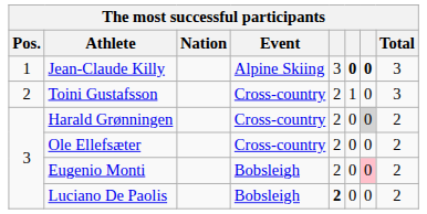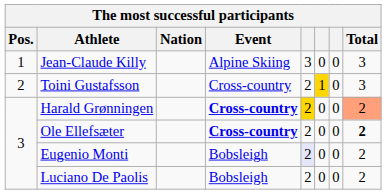 <table class="wikitable" style="margin:1em auto;">
 <tr>
 <th colspan="8">The most successful participants</th>
 </tr>
 <tr style="vertical-align:top;">
 <th>Pos.</th>
 <th>Athlete</th>
 <th>Nation</th>
 <th>Event</th>
 <th></th>
 <th></th>
 <th></th>
 <th>Total</th>
 </tr>
 <tr>
 <td style="text-align:center;">1</td>
 <td><a href='#'>Jean-Claude Killy</a></td>
 <td></td>
 <td><a href='#'>Alpine Skiing</a></td>
 <td style="text-align:center;">3</td>
-<td style="text-align:center;"><strong>0</strong></td>
-<td style="text-align:center;"><strong>0</strong></td>
+<td style="text-align:center;">0</td>
+<td style="text-align:center;">0</td>
 <td style="text-align:center;">3</td>
 </tr>
 <tr>
 <td style="text-align:center;">2</td>
 <td><a href='#'>Toini Gustafsson</a></td>
 <td></td>
 <td href><a href='#'>Cross-country</a></td>
 <td style="text-align:center;">2</td>
-<td style="text-align:center;">1</td>
+<td style="background: gold; text-align:center;">1</td>
 <td style="text-align:center;">0</td>
 <td style="text-align:center;">3</td>
 </tr>
 <tr>
 <td rowspan="4" style="text-align:center;">3</td>
 <td><a href='#'>Harald Grønningen</a></td>
 <td></td>
-<td><a href='#'>Cross-country</a></td>
-<td style="text-align:center;">2</td>
+<td><strong><a href='#'>Cross-country</a></strong></td>
+<td style="background: gold; text-align:center;">2</td>
 <td style="text-align:center;">0</td>
-<td style="background: lightgrey; text-align:center;">0</td>
-<td style="text-align:center;">2</td>
+<td style="text-align:center;">0</td>
+<td style="background: lightsalmon; text-align:center;">2</td>
 </tr>
 <tr>
 <td><a href='#'>Ole Ellefsæter</a></td>
 <td></td>
-<td><a href='#'>Cross-country</a></td>
+<td><strong><a href='#'>Cross-country</a></strong></td>
 <td style="text-align:center;">2</td>
 <td style="text-align:center;">0</td>
 <td style="text-align:center;">0</td>
-<td style="text-align:center;">2</td>
+<td style="text-align:center;"><strong>2</strong></td>
 </tr>
 <tr>
 <td><a href='#'>Eugenio Monti</a></td>
 <td href></td>
 <td><a href='#'>Bobsleigh</a></td>
-<td style="text-align:center;">2</td>
+<td style="background: lavender; text-align:center;">2</td>
 <td style="text-align:center;">0</td>
-<td style="background: pink; text-align:center;">0</td>
+<td style="text-align:center;">0</td>
 <td style="text-align:center;">2</td>
 </tr>
 <tr>
 <td><a href='#'>Luciano De Paolis</a></td>
 <td></td>
 <td><a href='#'>Bobsleigh</a></td>
-<td style="text-align:center;"><strong>2</strong></td>
+<td style="text-align:center;">2</td>
 <td style="text-align:center;">0</td>
 <td style="text-align:center;">0</td>
 <td style="text-align:center;">2</td>
 </tr>
 </table>
